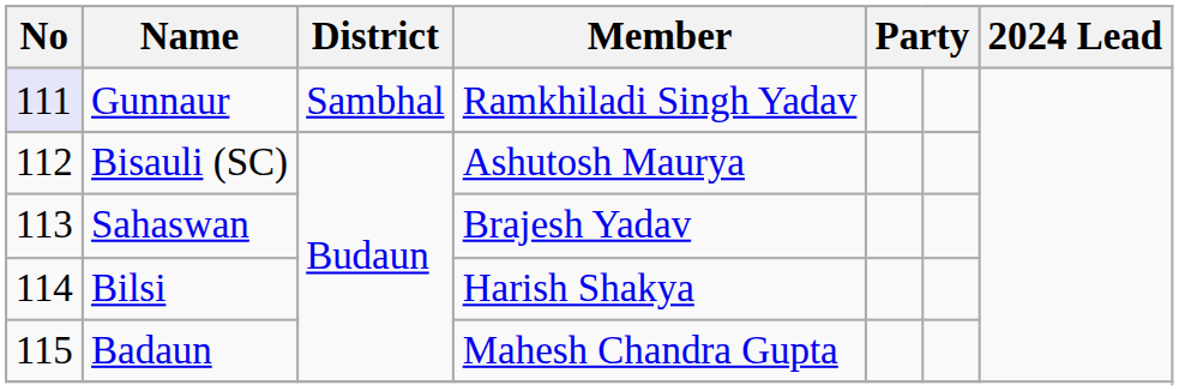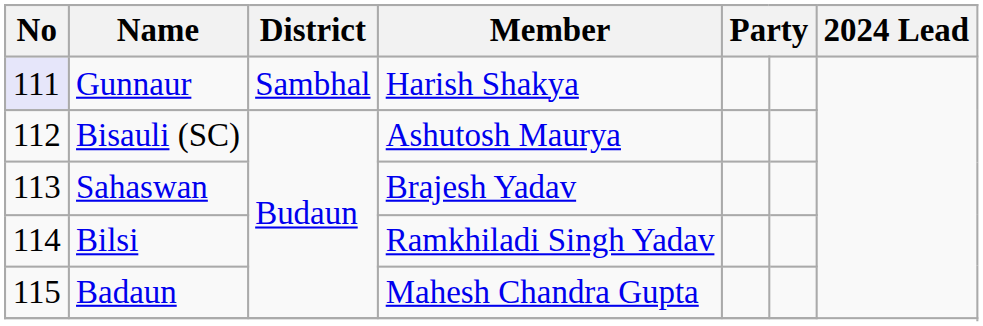 <table class="wikitable sortable">
 <tr>
 <th>No</th>
 <th>Name</th>
 <th>District</th>
 <th>Member</th>
 <th colspan="2">Party</th>
 <th colspan="2">2024 Lead</th>
 </tr>
 <tr>
 <td style="background: lavender;">111</td>
 <td><a href='#'>Gunnaur</a></td>
 <td><a href='#'>Sambhal</a></td>
-<td><a href='#'>Ramkhiladi Singh Yadav</a></td>
+<td><a href='#'>Harish Shakya</a></td>
 <td></td>
 <td></td>
 </tr>
 <tr>
 <td>112</td>
 <td><a href='#'>Bisauli</a> (SC)</td>
 <td rowspan="4"><a href='#'>Budaun</a></td>
 <td><a href='#'>Ashutosh Maurya</a></td>
 <td></td>
 <td></td>
 </tr>
 <tr>
 <td>113</td>
 <td><a href='#'>Sahaswan</a></td>
 <td><a href='#'>Brajesh Yadav</a></td>
 <td></td>
 <td></td>
 </tr>
 <tr>
 <td>114</td>
 <td><a href='#'>Bilsi</a></td>
-<td><a href='#'>Harish Shakya</a></td>
+<td><a href='#'>Ramkhiladi Singh Yadav</a></td>
 <td></td>
 <td></td>
 </tr>
 <tr>
 <td>115</td>
 <td><a href='#'>Badaun</a></td>
 <td><a href='#'>Mahesh Chandra Gupta</a></td>
 <td></td>
 <td></td>
 </tr>
 <tr>
 </tr>
 </table>
